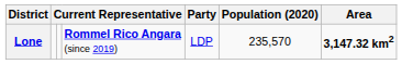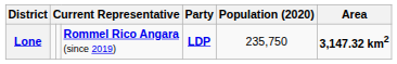 <table class="wikitable sortable" style="margin: 1em auto; font-size:100%; line-height:20px; text-align:center">
 <tr>
 <th>District</th>
 <th colspan="3">Current Representative</th>
 <th>Party</th>
 <th>Population (2020)</th>
 <th>Area</th>
 </tr>
 <tr>
 <th><a href='#'>Lone</a></th>
 <td style="background:"></td>
 <td></td>
 <td style="text-align:left;"><strong><a href='#'>Rommel Rico Angara</a></strong><br><small>(since <a href='#'>2019</a>)</small></td>
-<td><a href='#'>LDP</a></td>
-<td>235,570</td>
+<td><strong><a href='#'>LDP</a></strong></td>
+<td>235,750</td>
 <td><strong>3,147.32 km<sup>2</sup></strong></td>
 </tr>
 </table>
